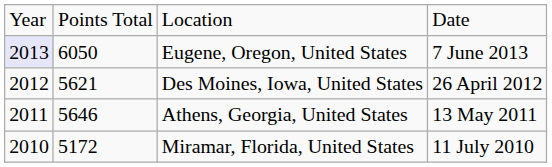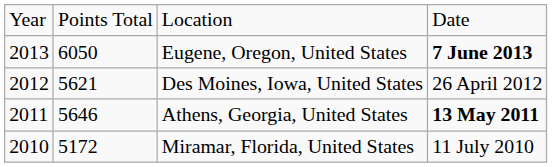 <table class=wikitable>
 <tr>
 <td>Year</td>
 <td>Points Total</td>
 <td>Location</td>
 <td>Date</td>
 </tr>
 <tr>
-<td style="background: lavender;">2013</td>
+<td>2013</td>
 <td>6050</td>
 <td> Eugene, Oregon, United States</td>
-<td>7 June 2013</td>
+<td><strong>7 June 2013</strong></td>
 </tr>
 <tr>
 <td>2012</td>
 <td>5621</td>
 <td> Des Moines, Iowa, United States</td>
 <td>26 April 2012</td>
 </tr>
 <tr>
 <td>2011</td>
 <td>5646</td>
 <td> Athens, Georgia, United States</td>
-<td>13 May 2011</td>
+<td><strong>13 May 2011</strong></td>
 </tr>
 <tr>
 <td>2010</td>
 <td>5172</td>
 <td> Miramar, Florida, United States</td>
 <td>11 July 2010</td>
 </tr>
 </table>
